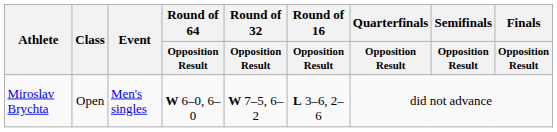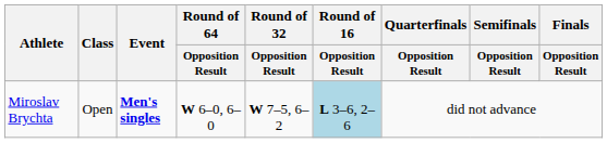 <table class=wikitable style="font-size:90%">
 <tr>
 <th rowspan="2">Athlete</th>
 <th rowspan="2">Class</th>
 <th rowspan="2">Event</th>
 <th>Round of 64</th>
 <th>Round of 32</th>
 <th>Round of 16</th>
 <th>Quarterfinals</th>
 <th>Semifinals</th>
 <th>Finals</th>
 </tr>
 <tr>
 <th style="line-height:1em"><small>Opposition<br>Result</small></th>
 <th style="line-height:1em"><small>Opposition<br>Result</small></th>
 <th style="line-height:1em"><small>Opposition<br>Result</small></th>
 <th style="line-height:1em"><small>Opposition<br>Result</small></th>
 <th style="line-height:1em"><small>Opposition<br>Result</small></th>
 <th style="line-height:1em"><small>Opposition<br>Result</small></th>
 </tr>
 <tr>
 <td><a href='#'>Miroslav Brychta</a></td>
 <td style="text-align:center;">Open</td>
-<td><a href='#'>Men's singles</a></td>
+<td><strong><a href='#'>Men's singles</a></strong></td>
 <td style="text-align:center;"><br><strong>W</strong> 6–0, 6–0</td>
 <td style="text-align:center;"><br><strong>W</strong> 7–5, 6–2</td>
-<td style="text-align:center;"><br><strong>L</strong> 3–6, 2–6</td>
+<td style="background: lightblue; text-align:center;"><br><strong>L</strong> 3–6, 2–6</td>
 <td style="text-align:center;" colspan="3">did not advance</td>
 </tr>
 </table>
